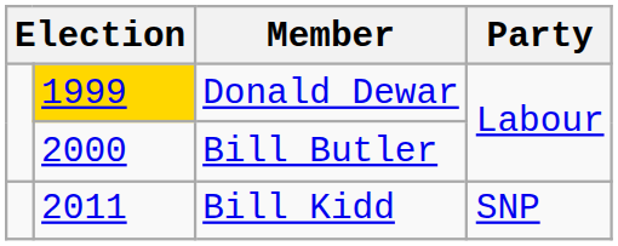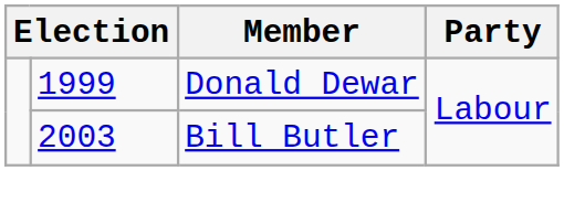 <table class="wikitable">
 <tr>
 <th colspan="2">Election</th>
 <th>Member</th>
 <th>Party</th>
 </tr>
 <tr>
 <td rowspan=2 style="background-color: "></td>
-<td style="background: gold;"><a href='#'>1999</a></td>
+<td><a href='#'>1999</a></td>
 <td><a href='#'>Donald Dewar</a></td>
 <td rowspan="2"><a href='#'>Labour</a></td>
 </tr>
 <tr>
-<td><a href='#'>2000</a></td>
+<td><a href='#'>2003</a></td>
 <td><a href='#'>Bill Butler</a></td>
 </tr>
-<tr>
-<td style="background-color: "></td>
-<td><a href='#'>2011</a></td>
-<td><a href='#'>Bill Kidd</a></td>
-<td><a href='#'>SNP</a></td>
-</tr>
 </table>
